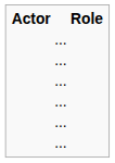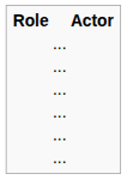 <table class="infobox" style="font-size:100%;">
 <tr>
+<th>Role </th>
+<th class="unsortable"></th>
 <th>Actor</th>
-<th class="unsortable"></th>
-<th>Role </th>
 </tr>
 <tr>
 <td></td>
 <td>...</td>
 <td></td>
 </tr>
 <tr>
 <td></td>
 <td>...</td>
 <td></td>
 </tr>
 <tr>
 <td></td>
 <td>...</td>
 <td></td>
 </tr>
 <tr>
 <td></td>
 <td>...</td>
 <td></td>
 </tr>
 <tr>
 <td></td>
 <td>...</td>
 <td></td>
 </tr>
 <tr>
 <td></td>
 <td>...</td>
 <td></td>
 </tr>
 </table>
